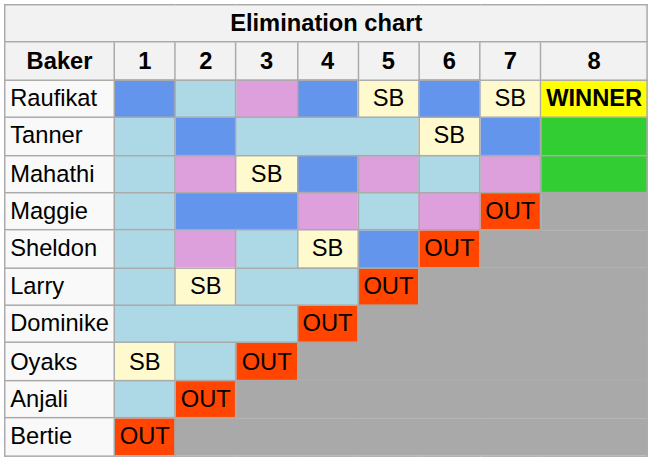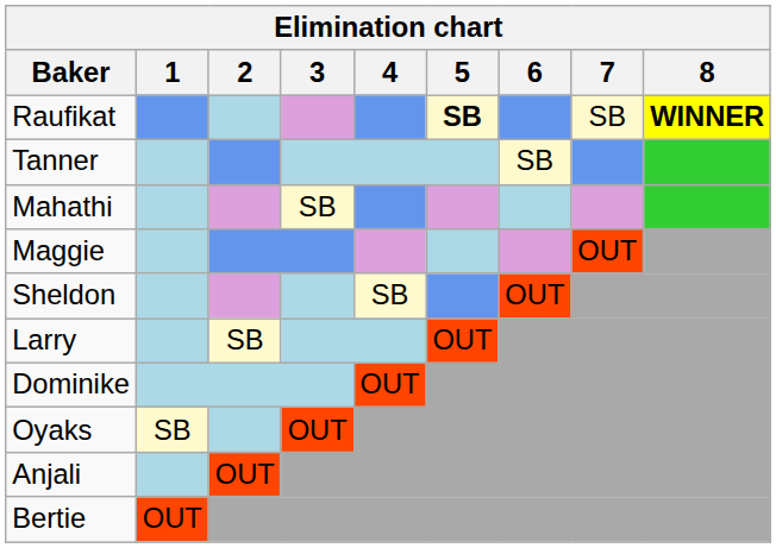 <table class="wikitable" style="text-align:center">
 <tr>
 <th ! colspan="16">Elimination chart</th>
 </tr>
 <tr 7373>
 <th>Baker</th>
 <th>1</th>
 <th>2</th>
 <th>3</th>
 <th>4</th>
 <th>5</th>
 <th>6</th>
 <th>7</th>
 <th>8</th>
 </tr>
 <tr>
 <td align="left">Raufikat</td>
 <td style="background:Cornflowerblue;"></td>
 <td style="background:Lightblue;"></td>
 <td style="background:Plum;"></td>
 <td style="background:Cornflowerblue;"></td>
-<td style="background:LemonChiffon;">SB</td>
+<td style="background:LemonChiffon;"><strong>SB</strong></td>
 <td style="background:Cornflowerblue;"></td>
 <td style="background:LemonChiffon;">SB</td>
 <td style="background:yellow;"><strong>WINNER</strong></td>
 </tr>
 <tr>
 <td align="left">Tanner</td>
 <td style="background:Lightblue;"></td>
 <td style="background:Cornflowerblue;"></td>
 <td colspan="3" style="background:Lightblue;"></td>
 <td style="background:LemonChiffon;">SB</td>
 <td style="background:Cornflowerblue;"></td>
 <td style="background:limegreen;"></td>
 </tr>
 <tr>
 <td align="left">Mahathi</td>
 <td style="background:Lightblue;"></td>
 <td style="background:Plum;"></td>
 <td style="background:LemonChiffon;">SB</td>
 <td style="background:Cornflowerblue;"></td>
 <td style="background:Plum;"></td>
 <td style="background:Lightblue;"></td>
 <td style="background:Plum;"></td>
 <td style="background:limegreen;"></td>
 </tr>
 <tr>
 <td align="left">Maggie</td>
 <td style="background:Lightblue;"></td>
 <td colspan="2" style="background:Cornflowerblue;"></td>
 <td style="background:Plum;"></td>
 <td style="background:Lightblue;"></td>
 <td style="background:Plum;"></td>
 <td style="background:orangered;">OUT</td>
 <td style="background:darkgrey;"></td>
 </tr>
 <tr>
 <td align="left">Sheldon</td>
 <td style="background:Lightblue;"></td>
 <td style="background:Plum;"></td>
 <td style="background:Lightblue;"></td>
 <td style="background:LemonChiffon;">SB</td>
 <td style="background:Cornflowerblue;"></td>
 <td style="background:orangered;">OUT</td>
 <td colspan="2" style="background:darkgrey;"></td>
 </tr>
 <tr>
 <td align="left">Larry</td>
 <td style="background:Lightblue;"></td>
 <td style="background:LemonChiffon;">SB</td>
 <td colspan="2" style="background:Lightblue;"></td>
 <td style="background:orangered;">OUT</td>
 <td colspan="3" style="background:darkgrey;"></td>
 </tr>
 <tr>
 <td align="left">Dominike</td>
 <td colspan="3" style="background:Lightblue;"></td>
 <td style="background:orangered;">OUT</td>
 <td colspan="4" style="background:darkgrey;"></td>
 </tr>
 <tr>
 <td align="left">Oyaks</td>
 <td style="background:LemonChiffon;">SB</td>
 <td style="background:Lightblue;"></td>
 <td style="background:orangered;">OUT</td>
 <td colspan="5" style="background:darkgrey;"></td>
 </tr>
 <tr>
 <td align="left">Anjali</td>
 <td style="background:Lightblue;"></td>
 <td style="background:orangered;">OUT</td>
 <td colspan="6" style="background:darkgrey;"></td>
 </tr>
 <tr>
 <td align="left">Bertie</td>
 <td style="background:orangered;">OUT</td>
 <td colspan="7" style="background:darkgrey;"></td>
 </tr>
 </table>
